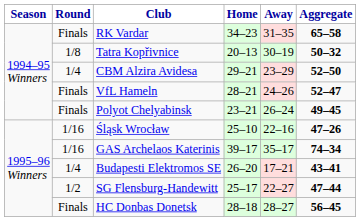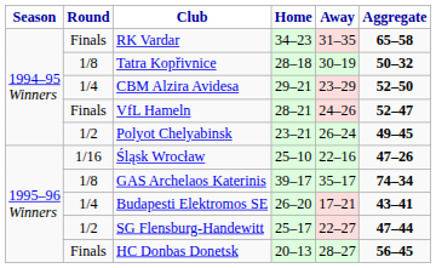 <table class="wikitable">
 <tr>
 <th style="color:#0000A0; background:#FFFFFF">Season</th>
 <th style="color:#0000A0; background:#FFFFFF">Round</th>
 <th style="color:#0000A0; background:#FFFFFF">Club</th>
 <th style="color:#0000A0; background:#FFFFFF">Home</th>
 <th style="color:#0000A0; background:#FFFFFF">Away</th>
 <th style="color:#0000A0; background:#FFFFFF">Aggregate</th>
 </tr>
 <tr>
 <td rowspan=5><a href='#'>1994–95</a><br> <em>Winners</em></td>
 <td align=center>Finals</td>
 <td> <a href='#'>RK Vardar</a></td>
 <td style="text-align:center; background:#dfd;">34–23</td>
 <td style="text-align:center; background:#fdd;">31–35</td>
 <td style="text-align:center;"><strong>65–58</strong></td>
 </tr>
 <tr>
 <td align=center>1/8</td>
 <td> <a href='#'>Tatra Kopřivnice</a></td>
-<td style="text-align:center; background:#dfd;">20–13</td>
+<td style="text-align:center; background:#dfd;">28–18</td>
 <td style="text-align:center; background:#dfd;">30–19</td>
 <td style="text-align:center;"><strong>50–32</strong></td>
 </tr>
 <tr>
 <td align=center>1/4</td>
 <td> <a href='#'>CBM Alzira Avidesa</a></td>
 <td style="text-align:center; background:#dfd;">29–21</td>
 <td style="text-align:center; background:#fdd;">23–29</td>
 <td style="text-align:center;"><strong>52–50</strong></td>
 </tr>
 <tr>
 <td align=center>Finals</td>
 <td> <a href='#'>VfL Hameln</a></td>
 <td style="text-align:center; background:#dfd;">28–21</td>
 <td style="text-align:center; background:#fdd;">24–26</td>
 <td style="text-align:center;"><strong>52–47</strong></td>
 </tr>
 <tr>
-<td align=center>Finals</td>
+<td align=center>1/2</td>
 <td> <a href='#'>Polyot Chelyabinsk</a></td>
 <td style="text-align:center; background:#dfd;">23–21</td>
 <td style="text-align:center; background:#dfd;">26–24</td>
 <td style="text-align:center;"><strong>49–45</strong></td>
 </tr>
 <tr>
 <td rowspan=5><a href='#'>1995–96</a><br> <em>Winners</em></td>
 <td align=center>1/16</td>
 <td> <a href='#'>Śląsk Wrocław</a></td>
 <td style="text-align:center; background:#dfd;">25–10</td>
 <td style="text-align:center; background:#dfd;">22–16</td>
 <td style="text-align:center;"><strong>47–26</strong></td>
 </tr>
 <tr>
-<td align=center>1/16</td>
+<td align=center>1/8</td>
 <td> <a href='#'>GAS Archelaos Katerinis</a></td>
 <td style="text-align:center; background:#dfd;">39–17</td>
 <td style="text-align:center; background:#dfd;">35–17</td>
 <td style="text-align:center;"><strong>74–34</strong></td>
 </tr>
 <tr>
 <td align=center>1/4</td>
 <td> <a href='#'>Budapesti Elektromos SE</a></td>
 <td style="text-align:center; background:#dfd;">26–20</td>
 <td style="text-align:center; background:#fdd;">17–21</td>
 <td style="text-align:center;"><strong>43–41</strong></td>
 </tr>
 <tr>
 <td align=center>1/2</td>
 <td> <a href='#'>SG Flensburg-Handewitt</a></td>
 <td style="text-align:center; background:#dfd;">25–17</td>
 <td style="text-align:center; background:#fdd;">22–27</td>
 <td style="text-align:center;"><strong>47–44</strong></td>
 </tr>
 <tr>
 <td align=center>Finals</td>
 <td> <a href='#'>HC Donbas Donetsk</a></td>
-<td style="text-align:center; background:#dfd;">28–18</td>
+<td style="text-align:center; background:#dfd;">20–13</td>
 <td style="text-align:center; background:#dfd;">28–27</td>
 <td style="text-align:center;"><strong>56–45</strong></td>
 </tr>
 </table>
